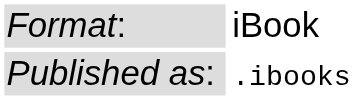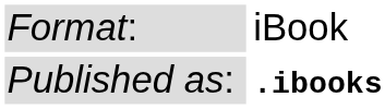 <table style="text-align:left;">
 <tr>
 <td style="background:#ddd; width:100px;"><em>Format</em>:</td>
 <td>iBook</td>
 </tr>
 <tr>
 <td style="background:#ddd;"><em>Published as</em>:</td>
-<td><code>.ibooks</code></td>
+<td><strong><code>.ibooks</code></strong></td>
 </tr>
 </table>
